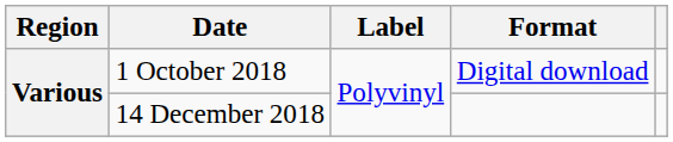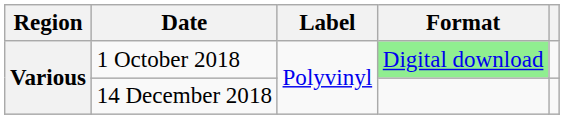 <table class="wikitable plainrowheaders">
 <tr>
 <th scope="col">Region</th>
 <th scope="col">Date</th>
 <th scope="col">Label</th>
 <th scope="col">Format</th>
 <th scope="col"></th>
 </tr>
 <tr>
 <th scope="row" rowspan="2">Various</th>
 <td>1 October 2018</td>
 <td rowspan="2"><a href='#'>Polyvinyl</a></td>
-<td><a href='#'>Digital download</a></td>
+<td style="background: lightgreen;"><a href='#'>Digital download</a></td>
 <td></td>
 </tr>
 <tr>
 <td>14 December 2018</td>
 <td></td>
 <td></td>
 </tr>
 </table>
